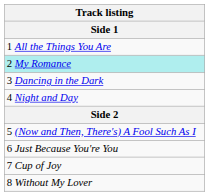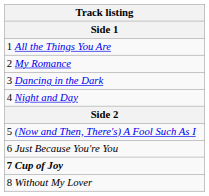 <table class="wikitable collapsible collapsed" style="width:300px;">
 <tr>
 <th>Track listing</th>
 </tr>
 <tr>
 <th>Side 1</th>
 </tr>
 <tr>
 <td>1 <em><a href='#'>All the Things You Are</a></em></td>
 </tr>
 <tr>
-<td style="background: paleturquoise;">2 <em><a href='#'>My Romance</a></em></td>
+<td>2 <em><a href='#'>My Romance</a></em></td>
 </tr>
 <tr>
 <td>3 <em><a href='#'>Dancing in the Dark</a></em></td>
 </tr>
 <tr>
 <td>4 <em><a href='#'>Night and Day</a></em></td>
 </tr>
 <tr>
 <th>Side 2</th>
 </tr>
 <tr>
 <td>5 <em><a href='#'>(Now and Then, There's) A Fool Such As I</a></em></td>
 </tr>
 <tr>
 <td>6 <em>Just Because You're You</em></td>
 </tr>
 <tr>
-<td>7 <em>Cup of Joy</em></td>
+<td><strong>7 <em>Cup of Joy</em></strong></td>
 </tr>
 <tr>
 <td>8 <em>Without My Lover</em></td>
 </tr>
 </table>
